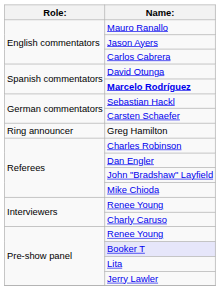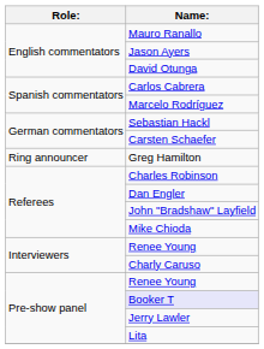 <table class=wikitable style="font-size:90%; margin: 0.5em 0 0.5em 1em; float: right; clear: right;">
 <tr>
 <th>Role:</th>
 <th>Name:</th>
 </tr>
 <tr>
 <td rowspan=3>English commentators</td>
 <td><a href='#'>Mauro Ranallo</a></td>
 </tr>
 <tr>
 <td><a href='#'>Jason Ayers</a></td>
 </tr>
 <tr>
+<td><a href='#'>David Otunga</a></td>
+</tr>
+<tr>
+<td rowspan=2>Spanish commentators</td>
 <td><a href='#'>Carlos Cabrera</a></td>
 </tr>
 <tr>
-<td rowspan=2>Spanish commentators</td>
-<td><a href='#'>David Otunga</a></td>
-</tr>
-<tr>
-<td><strong><a href='#'>Marcelo Rodríguez</a></strong></td>
+<td><a href='#'>Marcelo Rodríguez</a></td>
 </tr>
 <tr>
 <td rowspan=2>German commentators</td>
 <td><a href='#'>Sebastian Hackl</a></td>
 </tr>
 <tr>
 <td><a href='#'>Carsten Schaefer</a></td>
 </tr>
 <tr>
 <td rowspan=1>Ring announcer</td>
 <td>Greg Hamilton</td>
 </tr>
 <tr>
 <td rowspan=4>Referees</td>
 <td><a href='#'>Charles Robinson</a></td>
 </tr>
 <tr>
 <td><a href='#'>Dan Engler</a></td>
 </tr>
 <tr>
 <td><a href='#'>John "Bradshaw" Layfield</a></td>
 </tr>
 <tr>
 <td><a href='#'>Mike Chioda</a></td>
 </tr>
 <tr>
 <td rowspan=2>Interviewers</td>
 <td><a href='#'>Renee Young</a></td>
 </tr>
 <tr>
 <td><a href='#'>Charly Caruso</a></td>
 </tr>
 <tr>
 <td rowspan=4>Pre-show panel</td>
 <td><a href='#'>Renee Young</a></td>
 </tr>
 <tr>
 <td style="background: lavender;"><a href='#'>Booker T</a></td>
 </tr>
 <tr>
-<td><a href='#'>Lita</a></td>
+<td><a href='#'>Jerry Lawler</a></td>
 </tr>
 <tr>
-<td><a href='#'>Jerry Lawler</a></td>
+<td><a href='#'>Lita</a></td>
 </tr>
 <tr>
 </tr>
 </table>
